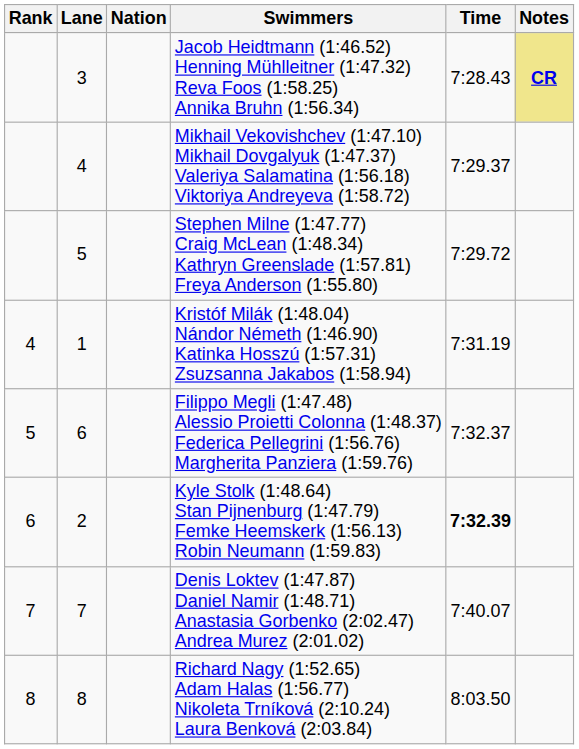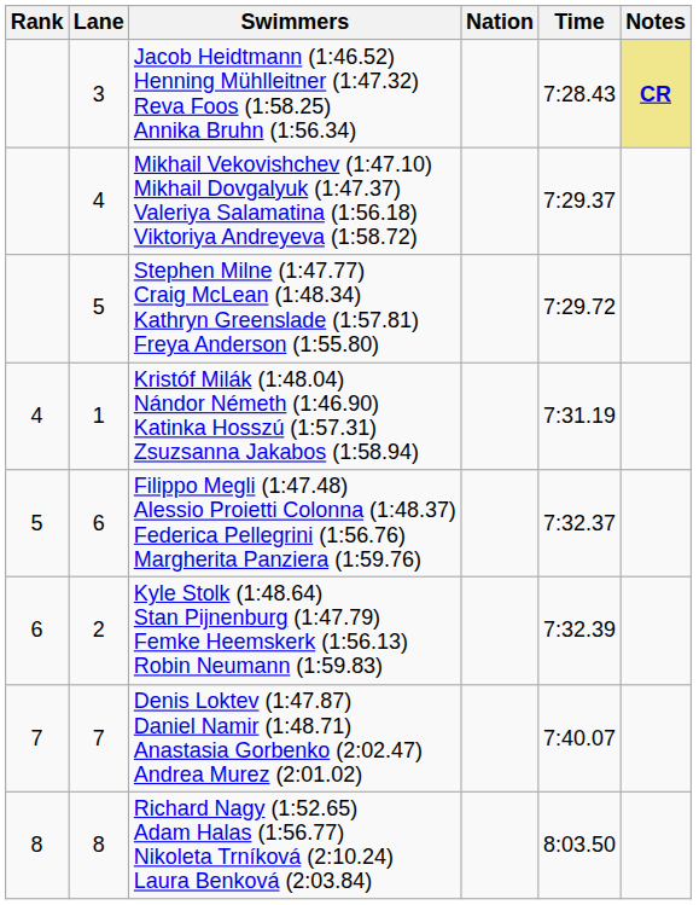 <table class="wikitable sortable" style="text-align:center">
 <tr>
 <th>Rank</th>
 <th>Lane</th>
+<th>Swimmers</th>
 <th>Nation</th>
-<th>Swimmers</th>
 <th>Time</th>
 <th>Notes</th>
 </tr>
 <tr>
 <td></td>
 <td>3</td>
+<td align=left><a href='#'>Jacob Heidtmann</a> (1:46.52)<br><a href='#'>Henning Mühlleitner</a> (1:47.32)<br><a href='#'>Reva Foos</a> (1:58.25)<br><a href='#'>Annika Bruhn</a> (1:56.34)</td>
 <td align=left></td>
-<td align=left><a href='#'>Jacob Heidtmann</a> (1:46.52)<br><a href='#'>Henning Mühlleitner</a> (1:47.32)<br><a href='#'>Reva Foos</a> (1:58.25)<br><a href='#'>Annika Bruhn</a> (1:56.34)</td>
 <td>7:28.43</td>
 <td style="background: khaki;"><strong><a href='#'>CR</a></strong></td>
 </tr>
 <tr>
 <td></td>
 <td>4</td>
+<td align=left><a href='#'>Mikhail Vekovishchev</a> (1:47.10)<br><a href='#'>Mikhail Dovgalyuk</a> (1:47.37)<br><a href='#'>Valeriya Salamatina</a> (1:56.18)<br><a href='#'>Viktoriya Andreyeva</a> (1:58.72)</td>
 <td align=left></td>
-<td align=left><a href='#'>Mikhail Vekovishchev</a> (1:47.10)<br><a href='#'>Mikhail Dovgalyuk</a> (1:47.37)<br><a href='#'>Valeriya Salamatina</a> (1:56.18)<br><a href='#'>Viktoriya Andreyeva</a> (1:58.72)</td>
 <td>7:29.37</td>
 <td></td>
 </tr>
 <tr>
 <td></td>
 <td>5</td>
+<td align=left><a href='#'>Stephen Milne</a> (1:47.77)<br><a href='#'>Craig McLean</a> (1:48.34)<br><a href='#'>Kathryn Greenslade</a> (1:57.81)<br><a href='#'>Freya Anderson</a> (1:55.80)</td>
 <td align=left></td>
-<td align=left><a href='#'>Stephen Milne</a> (1:47.77)<br><a href='#'>Craig McLean</a> (1:48.34)<br><a href='#'>Kathryn Greenslade</a> (1:57.81)<br><a href='#'>Freya Anderson</a> (1:55.80)</td>
 <td>7:29.72</td>
 <td></td>
 </tr>
 <tr>
 <td>4</td>
 <td>1</td>
+<td align=left><a href='#'>Kristóf Milák</a> (1:48.04)<br><a href='#'>Nándor Németh</a> (1:46.90)<br><a href='#'>Katinka Hosszú</a> (1:57.31)<br><a href='#'>Zsuzsanna Jakabos</a> (1:58.94)</td>
 <td align=left></td>
-<td align=left><a href='#'>Kristóf Milák</a> (1:48.04)<br><a href='#'>Nándor Németh</a> (1:46.90)<br><a href='#'>Katinka Hosszú</a> (1:57.31)<br><a href='#'>Zsuzsanna Jakabos</a> (1:58.94)</td>
 <td>7:31.19</td>
 <td></td>
 </tr>
 <tr>
 <td>5</td>
 <td>6</td>
+<td align=left><a href='#'>Filippo Megli</a> (1:47.48)<br><a href='#'>Alessio Proietti Colonna</a> (1:48.37)<br><a href='#'>Federica Pellegrini</a> (1:56.76)<br><a href='#'>Margherita Panziera</a> (1:59.76)</td>
 <td align=left></td>
-<td align=left><a href='#'>Filippo Megli</a> (1:47.48)<br><a href='#'>Alessio Proietti Colonna</a> (1:48.37)<br><a href='#'>Federica Pellegrini</a> (1:56.76)<br><a href='#'>Margherita Panziera</a> (1:59.76)</td>
 <td>7:32.37</td>
 <td></td>
 </tr>
 <tr>
 <td>6</td>
 <td>2</td>
+<td align=left><a href='#'>Kyle Stolk</a> (1:48.64)<br><a href='#'>Stan Pijnenburg</a> (1:47.79)<br><a href='#'>Femke Heemskerk</a> (1:56.13)<br><a href='#'>Robin Neumann</a> (1:59.83)</td>
 <td align=left></td>
-<td align=left><a href='#'>Kyle Stolk</a> (1:48.64)<br><a href='#'>Stan Pijnenburg</a> (1:47.79)<br><a href='#'>Femke Heemskerk</a> (1:56.13)<br><a href='#'>Robin Neumann</a> (1:59.83)</td>
-<td><strong>7:32.39</strong></td>
+<td>7:32.39</td>
 <td></td>
 </tr>
 <tr>
 <td>7</td>
 <td>7</td>
+<td align=left><a href='#'>Denis Loktev</a> (1:47.87)<br><a href='#'>Daniel Namir</a> (1:48.71)<br><a href='#'>Anastasia Gorbenko</a> (2:02.47)<br><a href='#'>Andrea Murez</a> (2:01.02)</td>
 <td align=left></td>
-<td align=left><a href='#'>Denis Loktev</a> (1:47.87)<br><a href='#'>Daniel Namir</a> (1:48.71)<br><a href='#'>Anastasia Gorbenko</a> (2:02.47)<br><a href='#'>Andrea Murez</a> (2:01.02)</td>
 <td>7:40.07</td>
 <td></td>
 </tr>
 <tr>
 <td>8</td>
 <td>8</td>
+<td align=left><a href='#'>Richard Nagy</a> (1:52.65)<br><a href='#'>Adam Halas</a> (1:56.77)<br><a href='#'>Nikoleta Trníková</a> (2:10.24)<br><a href='#'>Laura Benková</a> (2:03.84)</td>
 <td align=left></td>
-<td align=left><a href='#'>Richard Nagy</a> (1:52.65)<br><a href='#'>Adam Halas</a> (1:56.77)<br><a href='#'>Nikoleta Trníková</a> (2:10.24)<br><a href='#'>Laura Benková</a> (2:03.84)</td>
 <td>8:03.50</td>
 <td></td>
 </tr>
 </table>
